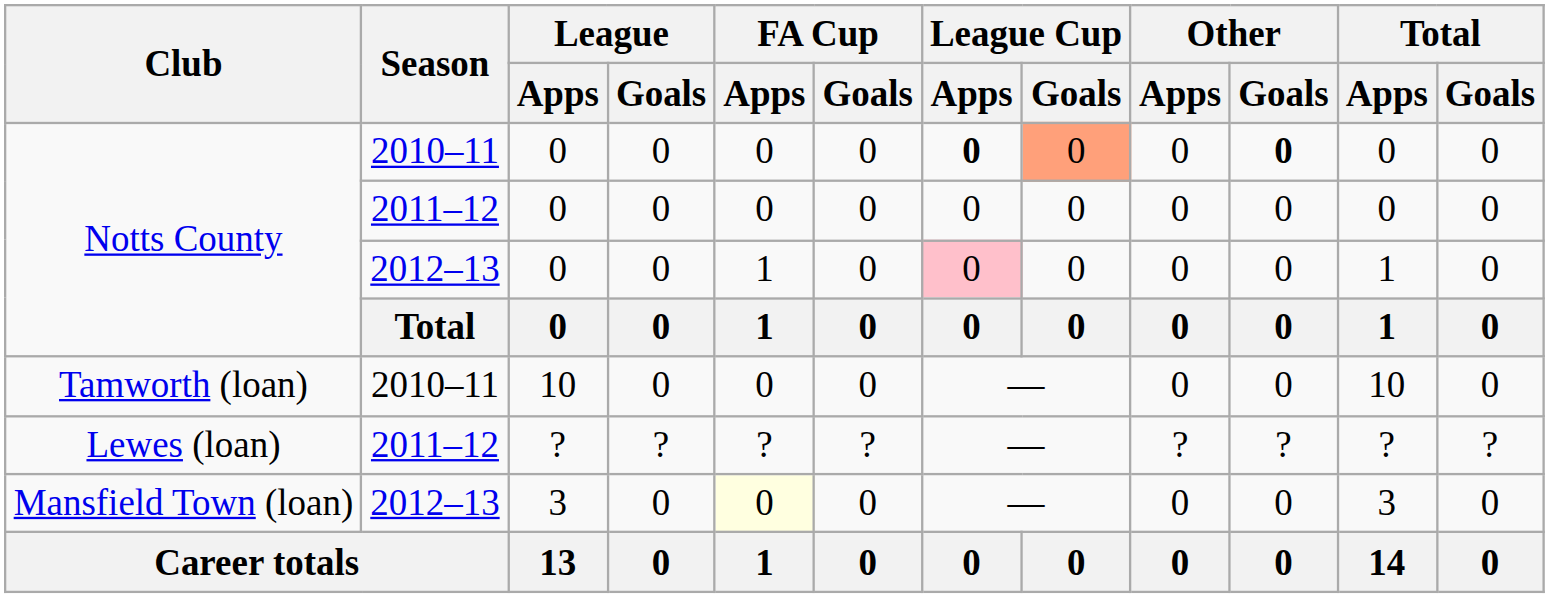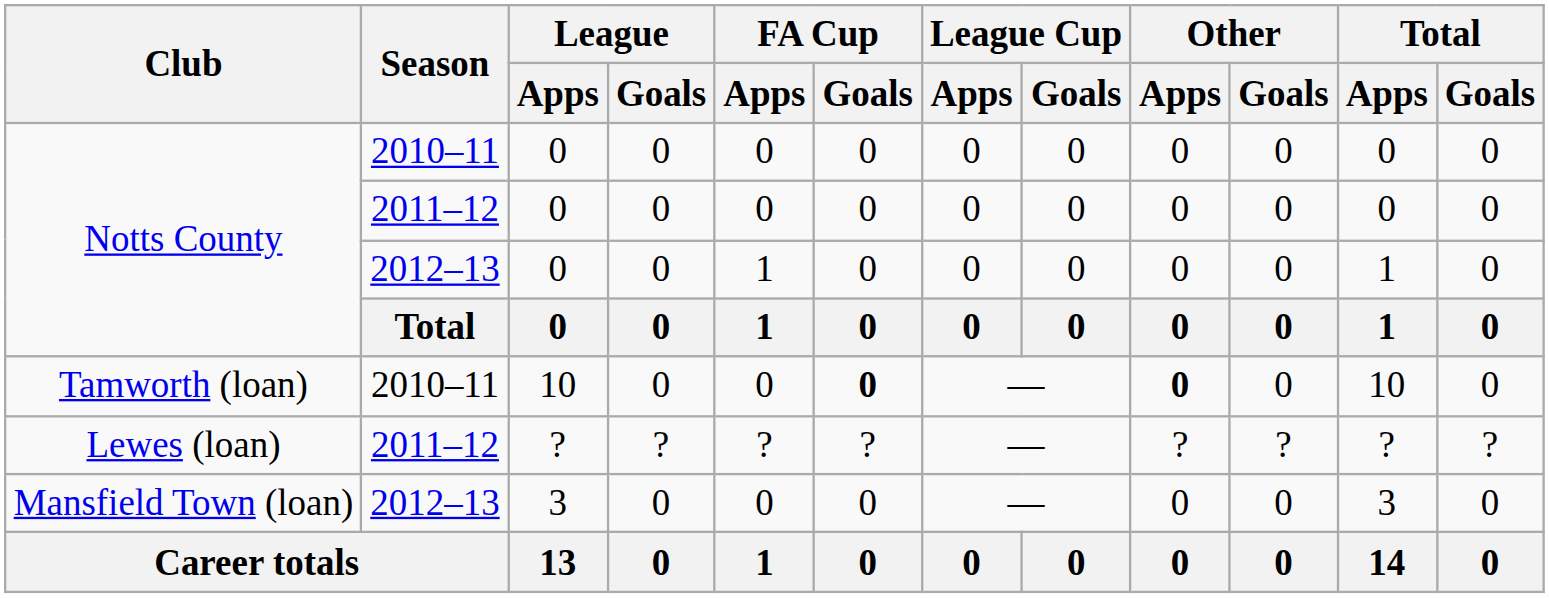 <table class="wikitable" style="text-align: center;">
 <tr>
 <th rowspan="2">Club</th>
 <th rowspan="2">Season</th>
 <th colspan="2">League</th>
 <th colspan="2">FA Cup</th>
 <th colspan="2">League Cup</th>
 <th colspan="2">Other</th>
 <th colspan="2">Total</th>
 </tr>
 <tr>
 <th>Apps</th>
 <th>Goals</th>
 <th>Apps</th>
 <th>Goals</th>
 <th>Apps</th>
 <th>Goals</th>
 <th>Apps</th>
 <th>Goals</th>
 <th>Apps</th>
 <th>Goals</th>
 </tr>
 <tr>
 <td rowspan="4" valign="center"><a href='#'>Notts County</a></td>
 <td><a href='#'>2010–11</a></td>
 <td>0</td>
 <td>0</td>
 <td>0</td>
 <td>0</td>
-<td><strong>0</strong></td>
-<td style="background: lightsalmon;">0</td>
 <td>0</td>
-<td><strong>0</strong></td>
+<td>0</td>
+<td>0</td>
+<td>0</td>
 <td>0</td>
 <td>0</td>
 </tr>
 <tr>
 <td><a href='#'>2011–12</a></td>
 <td>0</td>
 <td>0</td>
 <td>0</td>
 <td>0</td>
 <td>0</td>
 <td>0</td>
 <td>0</td>
 <td>0</td>
 <td>0</td>
 <td>0</td>
 </tr>
 <tr>
 <td><a href='#'>2012–13</a></td>
 <td>0</td>
 <td>0</td>
 <td>1</td>
 <td>0</td>
-<td style="background: pink;">0</td>
+<td>0</td>
 <td>0</td>
 <td>0</td>
 <td>0</td>
 <td>1</td>
 <td>0</td>
 </tr>
 <tr>
 <th>Total</th>
 <th>0</th>
 <th>0</th>
 <th>1</th>
 <th>0</th>
 <th>0</th>
 <th>0</th>
 <th>0</th>
 <th>0</th>
 <th>1</th>
 <th>0</th>
 </tr>
 <tr>
 <td rowspan="1" valign="center"><a href='#'>Tamworth</a> (loan)</td>
 <td>2010–11</td>
 <td>10</td>
 <td>0</td>
 <td>0</td>
-<td>0</td>
+<td><strong>0</strong></td>
 <td colspan="2">—</td>
-<td>0</td>
+<td><strong>0</strong></td>
 <td>0</td>
 <td>10</td>
 <td>0</td>
 </tr>
 <tr>
 <td rowspan="1" valign="center"><a href='#'>Lewes</a> (loan)</td>
 <td><a href='#'>2011–12</a></td>
 <td>?</td>
 <td>?</td>
 <td>?</td>
 <td>?</td>
 <td colspan="2">—</td>
 <td>?</td>
 <td>?</td>
 <td>?</td>
 <td>?</td>
 </tr>
 <tr>
 <td rowspan="1" valign="center"><a href='#'>Mansfield Town</a> (loan)</td>
 <td><a href='#'>2012–13</a></td>
 <td>3</td>
 <td>0</td>
-<td style="background: lightyellow;">0</td>
+<td>0</td>
 <td>0</td>
 <td colspan="2">—</td>
 <td>0</td>
 <td>0</td>
 <td>3</td>
 <td>0</td>
 </tr>
 <tr>
 <th colspan="2">Career totals</th>
 <th>13</th>
 <th>0</th>
 <th>1</th>
 <th>0</th>
 <th>0</th>
 <th>0</th>
 <th>0</th>
 <th>0</th>
 <th>14</th>
 <th>0</th>
 </tr>
 </table>
